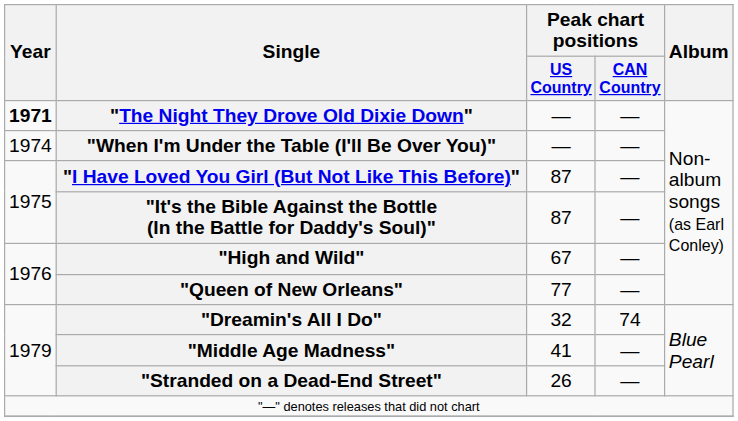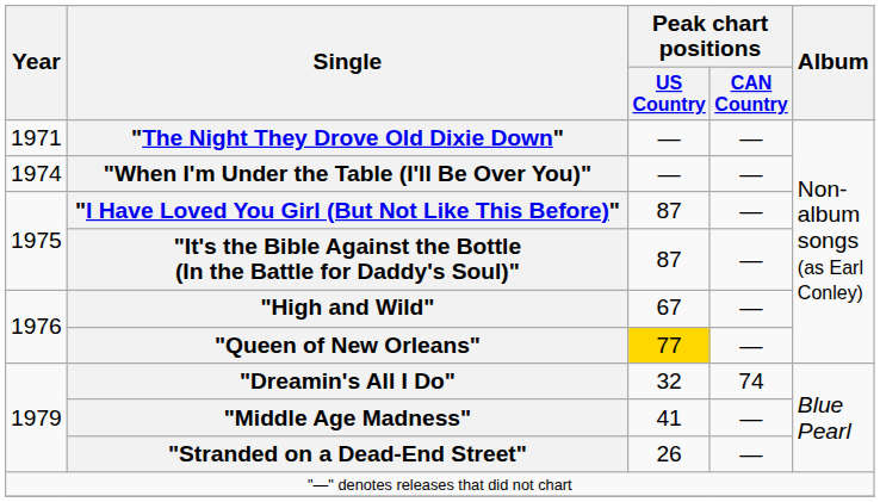 <table class="wikitable plainrowheaders" style="text-align:center;">
 <tr>
 <th rowspan="2">Year</th>
 <th rowspan="2" style="width:28em;">Single</th>
 <th colspan="2">Peak chart<br>positions</th>
 <th rowspan="2">Album</th>
 </tr>
 <tr style="font-size:smaller;">
 <th width="45"><a href='#'>US Country</a><br></th>
 <th width="45"><a href='#'>CAN Country</a></th>
 </tr>
 <tr>
-<td><strong>1971</strong></td>
+<td>1971</td>
 <th scope="row">"<a href='#'>The Night They Drove Old Dixie Down</a>"</th>
 <td>—</td>
 <td>—</td>
 <td align="left" rowspan="6">Non-album songs<br><small>(as Earl Conley)</small></td>
 </tr>
 <tr>
 <td>1974</td>
 <th scope="row">"When I'm Under the Table (I'll Be Over You)"</th>
 <td>—</td>
 <td>—</td>
 </tr>
 <tr>
 <td rowspan="2">1975</td>
 <th scope="row">"<a href='#'>I Have Loved You Girl (But Not Like This Before)</a>"</th>
 <td>87</td>
 <td>—</td>
 </tr>
 <tr>
 <th scope="row">"It's the Bible Against the Bottle<br>(In the Battle for Daddy's Soul)"</th>
 <td>87</td>
 <td>—</td>
 </tr>
 <tr>
 <td rowspan="2">1976</td>
 <th scope="row">"High and Wild"</th>
 <td>67</td>
 <td>—</td>
 </tr>
 <tr>
 <th scope="row">"Queen of New Orleans"</th>
-<td>77</td>
+<td style="background: gold;">77</td>
 <td>—</td>
 </tr>
 <tr>
 <td rowspan="3">1979</td>
 <th scope="row">"Dreamin's All I Do" </th>
 <td>32</td>
 <td>74</td>
 <td align="left" rowspan="3"><em>Blue Pearl</em></td>
 </tr>
 <tr>
 <th scope="row">"Middle Age Madness"</th>
 <td>41</td>
 <td>—</td>
 </tr>
 <tr>
 <th scope="row">"Stranded on a Dead-End Street" </th>
 <td>26</td>
 <td>—</td>
 </tr>
 <tr>
 <td colspan="5" style="font-size:8pt">"—" denotes releases that did not chart</td>
 </tr>
 <tr>
 </tr>
 </table>
